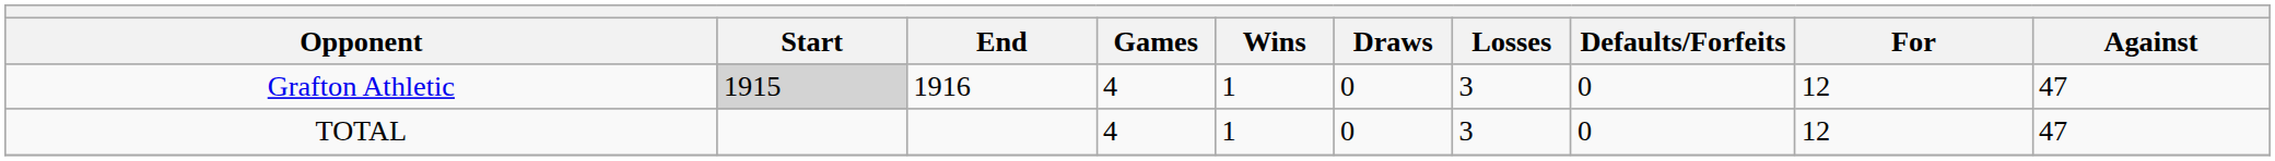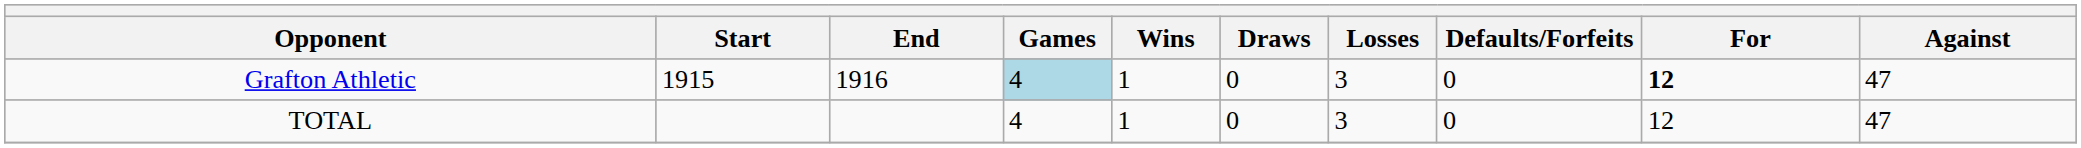 <table class="wikitable collapsible sortable" style="text-align:left; font-size:100%; width:100%;">
 <tr>
 <th colspan="100%"></th>
 </tr>
 <tr>
 <th style="width:30%;">Opponent</th>
 <th style="width:8%;">Start</th>
 <th style="width:8%;">End</th>
 <th style="width:5%;">Games</th>
 <th style="width:5%;">Wins</th>
 <th style="width:5%;">Draws</th>
 <th style="width:5%;">Losses</th>
 <th style="width:5%;">Defaults/Forfeits</th>
 <th style="width:10%;">For</th>
 <th style="width:10%;">Against<br></th>
 </tr>
 <tr>
 <td style="text-align:center;"><a href='#'>Grafton Athletic</a></td>
-<td style="background: lightgrey;">1915</td>
+<td>1915</td>
 <td>1916</td>
-<td>4</td>
+<td style="background: lightblue;">4</td>
 <td>1</td>
 <td>0</td>
 <td>3</td>
 <td>0</td>
-<td>12</td>
+<td><strong>12</strong></td>
 <td>47</td>
 </tr>
 <tr>
 <td style="text-align:center;">TOTAL</td>
 <td></td>
 <td></td>
 <td>4</td>
 <td>1</td>
 <td>0</td>
 <td>3</td>
 <td>0</td>
 <td>12</td>
 <td>47</td>
 </tr>
 <tr>
 </tr>
 </table>
